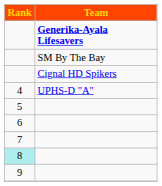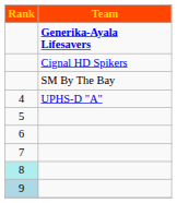 <table class="wikitable" style="text-align: center">
 <tr>
 <th width=40 style="background:#FF4500; color:#FFD700;">Rank</th>
 <th width=180 style="background:#FF4500; color:#FFD700;">Team</th>
 </tr>
 <tr>
 <td></td>
 <td align="left"><strong><a href='#'>Generika-Ayala Lifesavers</a></strong></td>
 </tr>
 <tr>
 <td></td>
-<td align="left">SM By The Bay</td>
+<td align="left"><a href='#'>Cignal HD Spikers</a></td>
 </tr>
 <tr>
 <td></td>
-<td align="left"><a href='#'>Cignal HD Spikers</a></td>
+<td align="left">SM By The Bay</td>
 </tr>
 <tr>
 <td>4</td>
 <td align="left"><a href='#'>UPHS-D "A"</a></td>
 </tr>
 <tr>
 <td>5</td>
 <td align="left"></td>
 </tr>
 <tr>
 <td>6</td>
 <td align="left"></td>
 </tr>
 <tr>
 <td>7</td>
 <td align="left"></td>
 </tr>
 <tr>
 <td style="background: paleturquoise;">8</td>
 <td align="left"></td>
 </tr>
 <tr>
-<td>9</td>
+<td style="background: lightblue;">9</td>
 <td align="left"></td>
 </tr>
 <tr>
 </tr>
 </table>
